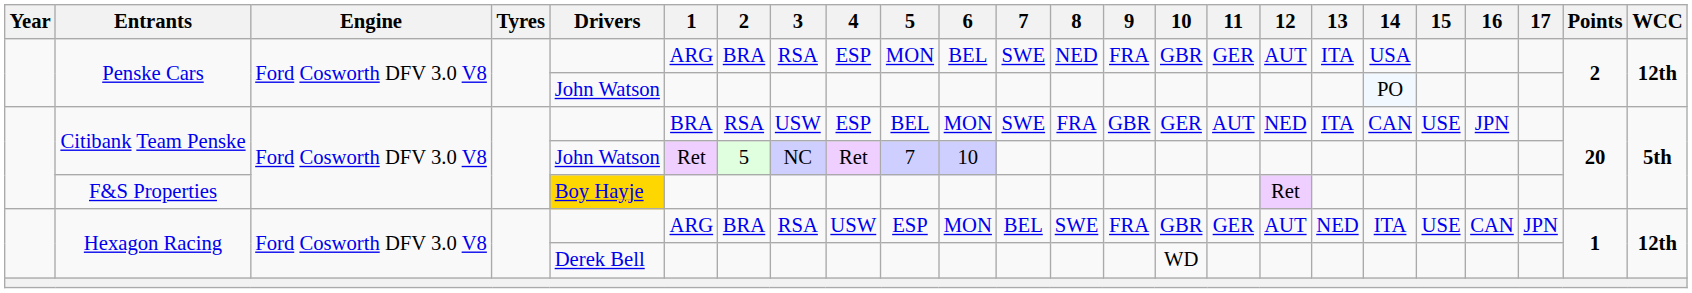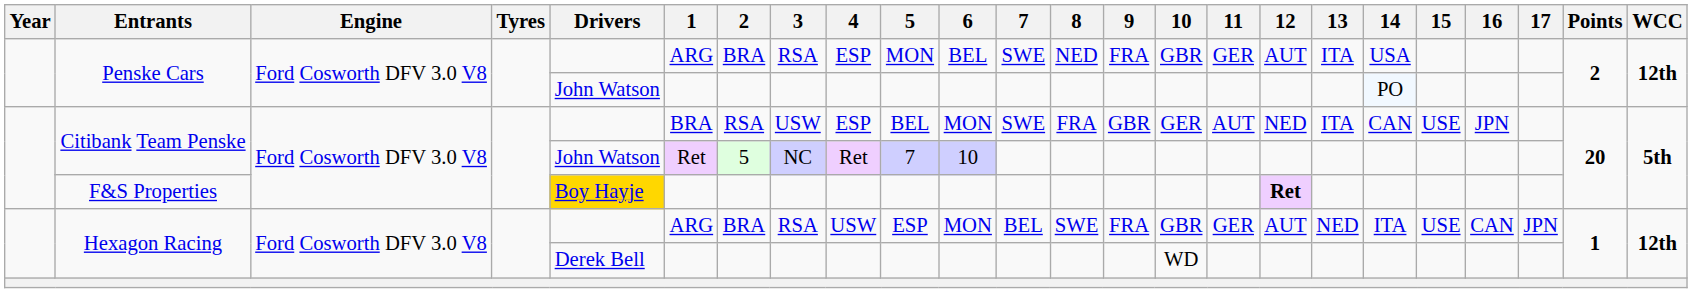 <table class="wikitable" style="text-align:center; font-size:95%">
 <tr>
 <th>Year</th>
 <th>Entrants</th>
 <th>Engine</th>
 <th>Tyres</th>
 <th>Drivers</th>
 <th>1</th>
 <th>2</th>
 <th>3</th>
 <th>4</th>
 <th>5</th>
 <th>6</th>
 <th>7</th>
 <th>8</th>
 <th>9</th>
 <th>10</th>
 <th>11</th>
 <th>12</th>
 <th>13</th>
 <th>14</th>
 <th>15</th>
 <th>16</th>
 <th>17</th>
 <th>Points</th>
 <th>WCC</th>
 </tr>
 <tr>
 <td rowspan="2"></td>
 <td rowspan="2"><a href='#'>Penske Cars</a></td>
 <td rowspan="2"><a href='#'>Ford</a> <a href='#'>Cosworth</a> DFV 3.0 <a href='#'>V8</a></td>
 <td rowspan="2"></td>
 <td></td>
 <td><a href='#'>ARG</a></td>
 <td><a href='#'>BRA</a></td>
 <td><a href='#'>RSA</a></td>
 <td><a href='#'>ESP</a></td>
 <td><a href='#'>MON</a></td>
 <td><a href='#'>BEL</a></td>
 <td><a href='#'>SWE</a></td>
 <td><a href='#'>NED</a></td>
 <td><a href='#'>FRA</a></td>
 <td><a href='#'>GBR</a></td>
 <td><a href='#'>GER</a></td>
 <td><a href='#'>AUT</a></td>
 <td><a href='#'>ITA</a></td>
 <td><a href='#'>USA</a></td>
 <td></td>
 <td></td>
 <td></td>
 <td rowspan="2"><strong>2</strong></td>
 <td rowspan="2"><strong>12th</strong></td>
 </tr>
 <tr>
 <td align="left"><a href='#'>John Watson</a></td>
 <td></td>
 <td></td>
 <td></td>
 <td></td>
 <td></td>
 <td></td>
 <td></td>
 <td></td>
 <td></td>
 <td></td>
 <td></td>
 <td></td>
 <td></td>
 <td style="background:#F1F8FF;">PO</td>
 <td></td>
 <td></td>
 <td></td>
 </tr>
 <tr>
 <td rowspan="3"></td>
 <td rowspan="2"><a href='#'>Citibank</a> <a href='#'>Team Penske</a></td>
 <td rowspan="3"><a href='#'>Ford</a> <a href='#'>Cosworth</a> DFV 3.0 <a href='#'>V8</a></td>
 <td rowspan="3"></td>
 <td></td>
 <td><a href='#'>BRA</a></td>
 <td><a href='#'>RSA</a></td>
 <td><a href='#'>USW</a></td>
 <td><a href='#'>ESP</a></td>
 <td><a href='#'>BEL</a></td>
 <td><a href='#'>MON</a></td>
 <td><a href='#'>SWE</a></td>
 <td><a href='#'>FRA</a></td>
 <td><a href='#'>GBR</a></td>
 <td><a href='#'>GER</a></td>
 <td><a href='#'>AUT</a></td>
 <td><a href='#'>NED</a></td>
 <td><a href='#'>ITA</a></td>
 <td><a href='#'>CAN</a></td>
 <td><a href='#'>USE</a></td>
 <td><a href='#'>JPN</a></td>
 <td></td>
 <td rowspan="3"><strong>20</strong></td>
 <td rowspan="3"><strong>5th</strong></td>
 </tr>
 <tr>
 <td align="left"><a href='#'>John Watson</a></td>
 <td style="background:#efcfff; text-align:center;">Ret</td>
 <td style="background:#dfffdf; text-align:center;">5</td>
 <td style="background:#cfcfff; text-align:center;">NC</td>
 <td style="background:#efcfff; text-align:center;">Ret</td>
 <td style="background:#cfcfff; text-align:center;">7</td>
 <td style="background:#cfcfff; text-align:center;">10</td>
 <td></td>
 <td></td>
 <td></td>
 <td></td>
 <td></td>
 <td></td>
 <td></td>
 <td></td>
 <td></td>
 <td></td>
 <td></td>
 </tr>
 <tr>
 <td><a href='#'>F&S Properties</a></td>
 <td align="left" style="background: gold;"><a href='#'>Boy Hayje</a></td>
 <td></td>
 <td></td>
 <td></td>
 <td></td>
 <td></td>
 <td></td>
 <td></td>
 <td></td>
 <td></td>
 <td></td>
 <td></td>
-<td style="background:#efcfff; text-align:center;">Ret</td>
+<td style="background:#efcfff; text-align:center;"><strong>Ret</strong></td>
 <td></td>
 <td></td>
 <td></td>
 <td></td>
 <td></td>
 </tr>
 <tr>
 <td rowspan="2"></td>
 <td rowspan="2"><a href='#'>Hexagon Racing</a></td>
 <td rowspan="2"><a href='#'>Ford</a> <a href='#'>Cosworth</a> DFV 3.0 <a href='#'>V8</a></td>
 <td rowspan="2"></td>
 <td></td>
 <td><a href='#'>ARG</a></td>
 <td><a href='#'>BRA</a></td>
 <td><a href='#'>RSA</a></td>
 <td><a href='#'>USW</a></td>
 <td><a href='#'>ESP</a></td>
 <td><a href='#'>MON</a></td>
 <td><a href='#'>BEL</a></td>
 <td><a href='#'>SWE</a></td>
 <td><a href='#'>FRA</a></td>
 <td><a href='#'>GBR</a></td>
 <td><a href='#'>GER</a></td>
 <td><a href='#'>AUT</a></td>
 <td><a href='#'>NED</a></td>
 <td><a href='#'>ITA</a></td>
 <td><a href='#'>USE</a></td>
 <td><a href='#'>CAN</a></td>
 <td><a href='#'>JPN</a></td>
 <td rowspan="2"><strong>1</strong></td>
 <td rowspan="2"><strong>12th</strong></td>
 </tr>
 <tr>
 <td align="left"><a href='#'>Derek Bell</a></td>
 <td></td>
 <td></td>
 <td></td>
 <td></td>
 <td></td>
 <td></td>
 <td></td>
 <td></td>
 <td></td>
 <td>WD</td>
 <td></td>
 <td></td>
 <td></td>
 <td></td>
 <td></td>
 <td></td>
 <td></td>
 </tr>
 <tr>
 <th colspan="24"></th>
 </tr>
 </table>
